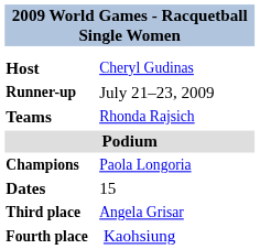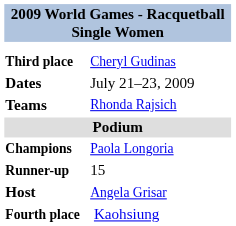 <table class="toccolours" style="float: right; margin: 0 0 1em 1em; font-size: 90%;" width=220px>
 <tr>
 <td colspan="2" style="background: #B0C4DE; text-align: center;" height=30px><strong>2009 World Games -  Racquetball Single Women</strong></td>
 </tr>
 <tr>
 <td colspan="2" style="text-align: center;"></td>
 </tr>
 <tr style="vertical-align:top;">
 <td colspan=2></td>
 </tr>
 <tr style="vertical-align:top;">
-<td><strong>Host</strong></td>
+<td style=font-size:90% width=100> <strong>Third place</strong></td>
 <td style=font-size:90% width=250> <a href='#'>Cheryl Gudinas</a></td>
 </tr>
 <tr style="vertical-align:top;">
-<td style=font-size:90% width=100> <strong>Runner-up</strong></td>
+<td><strong>Dates</strong></td>
 <td>July 21–23, 2009</td>
 </tr>
 <tr style="vertical-align:top;">
 <td width=90><strong>Teams</strong></td>
 <td style=font-size:90% width=250> <a href='#'>Rhonda Rajsich</a></td>
 </tr>
 <tr>
 <td colspan="2" style="background: #dedede; text-align: center;"><strong>Podium</strong></td>
 </tr>
 <tr style="vertical-align:top;">
 <td style=font-size:90% width=100> <strong>Champions</strong></td>
 <td style=font-size:90% width=250> <a href='#'>Paola Longoria</a></td>
 </tr>
 <tr>
-<td><strong>Dates</strong></td>
+<td style=font-size:90% width=100> <strong>Runner-up</strong></td>
 <td>15</td>
 </tr>
 <tr>
-<td style=font-size:90% width=100> <strong>Third place</strong></td>
+<td><strong>Host</strong></td>
 <td style=font-size:90% width=250> <a href='#'>Angela Grisar</a></td>
 </tr>
 <tr>
 <td style=font-size:90% width=100><strong>Fourth place</strong></td>
 <td> <a href='#'>Kaohsiung</a></td>
 </tr>
 </table>
